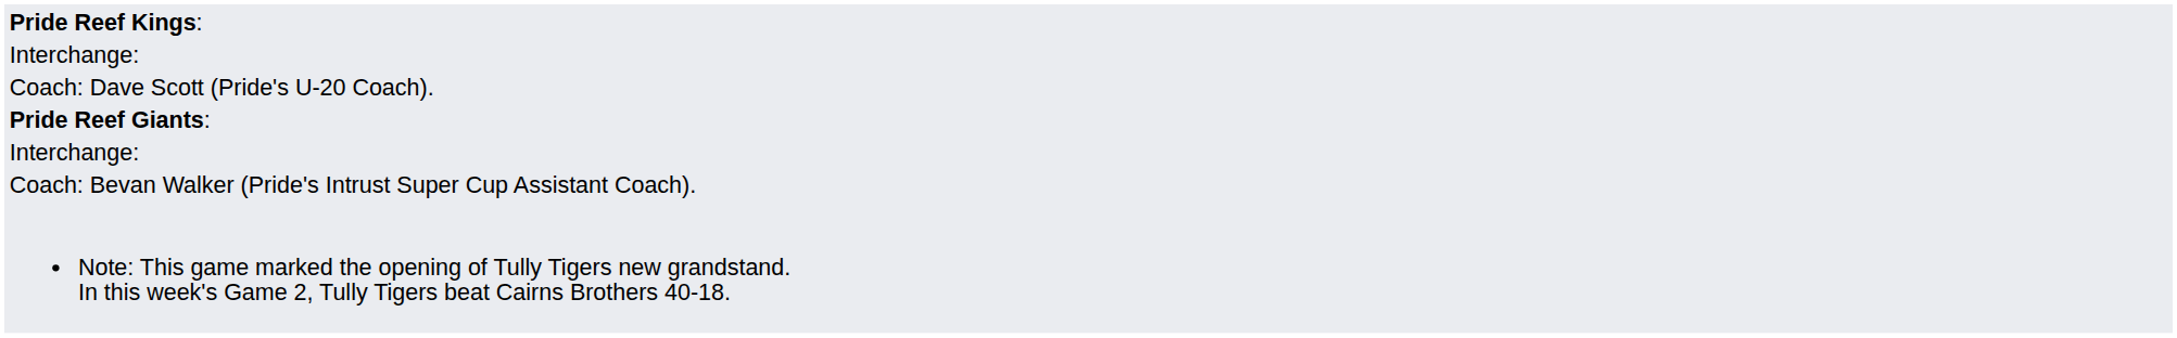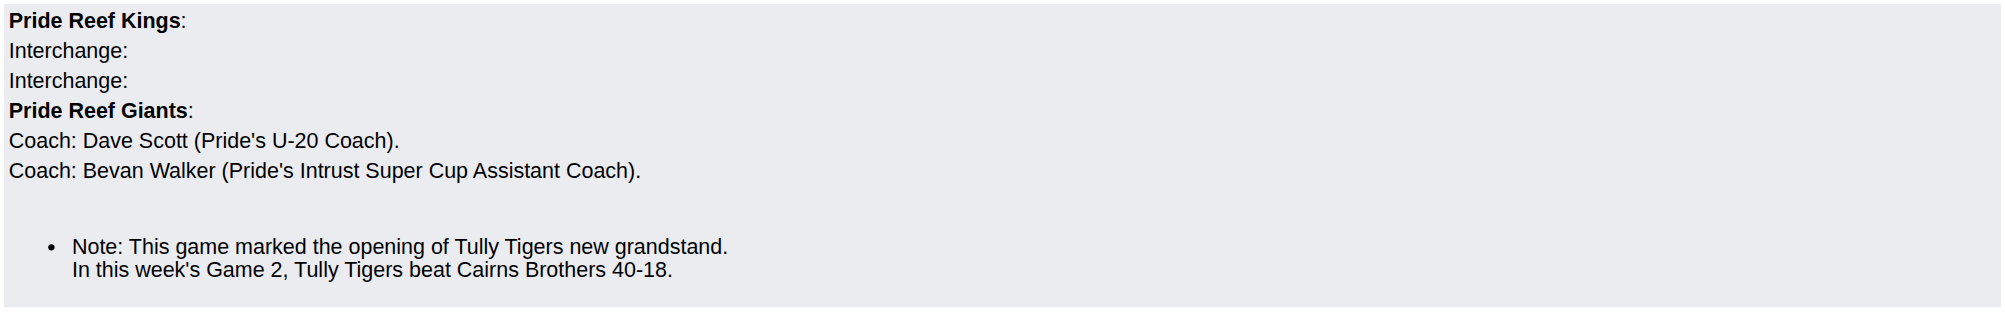 <table style="background:#eaecf0; font-size:85%; width:100%;">
 <tr>
 <td><strong> Pride Reef Kings</strong>:             </td>
 </tr>
 <tr>
 <td>Interchange:     </td>
 </tr>
 <tr>
-<td>Coach:  Dave Scott (Pride's U-20 Coach).</td>
+<td>Interchange:    </td>
 </tr>
 <tr>
 <td><strong>Pride Reef Giants</strong>:             </td>
 </tr>
 <tr>
-<td>Interchange:    </td>
+<td>Coach:  Dave Scott (Pride's U-20 Coach).</td>
 </tr>
 <tr>
 <td>Coach: Bevan Walker (Pride's Intrust Super Cup Assistant Coach).</td>
 </tr>
 <tr>
 <td><br><ul><li>Note: This game marked the opening of Tully Tigers new grandstand.<br>In this week's Game 2, Tully Tigers beat Cairns Brothers 40-18.</li></ul></td>
 </tr>
 </table>
